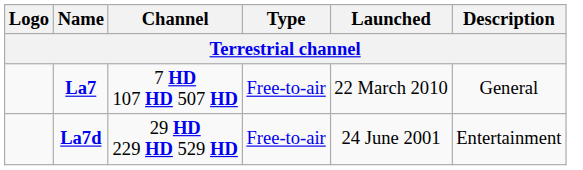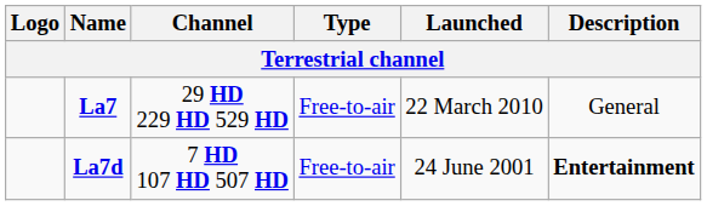 <table class="wikitable" style="text-align:center">
 <tr>
 <th>Logo</th>
 <th>Name</th>
 <th>Channel</th>
 <th>Type</th>
 <th>Launched</th>
 <th>Description</th>
 </tr>
 <tr>
 <th colspan="6"><a href='#'>Terrestrial channel</a></th>
 </tr>
 <tr>
 <td></td>
 <td><strong><a href='#'>La7</a></strong></td>
-<td>7 <strong><a href='#'>HD</a></strong><br>107 <strong><a href='#'>HD</a></strong>  507 <strong><a href='#'>HD</a></strong></td>
+<td>29 <strong><a href='#'>HD</a></strong><br>229 <strong><a href='#'>HD</a></strong>  529 <strong><a href='#'>HD</a></strong></td>
 <td><a href='#'>Free-to-air</a></td>
 <td>22 March 2010</td>
 <td>General</td>
 </tr>
 <tr>
 <td></td>
 <td><strong><a href='#'>La7d</a></strong></td>
-<td>29 <strong><a href='#'>HD</a></strong><br>229 <strong><a href='#'>HD</a></strong>  529 <strong><a href='#'>HD</a></strong></td>
+<td>7 <strong><a href='#'>HD</a></strong><br>107 <strong><a href='#'>HD</a></strong>  507 <strong><a href='#'>HD</a></strong></td>
 <td><a href='#'>Free-to-air</a></td>
 <td>24 June 2001</td>
-<td>Entertainment</td>
+<td><strong>Entertainment</strong></td>
 </tr>
 </table>
